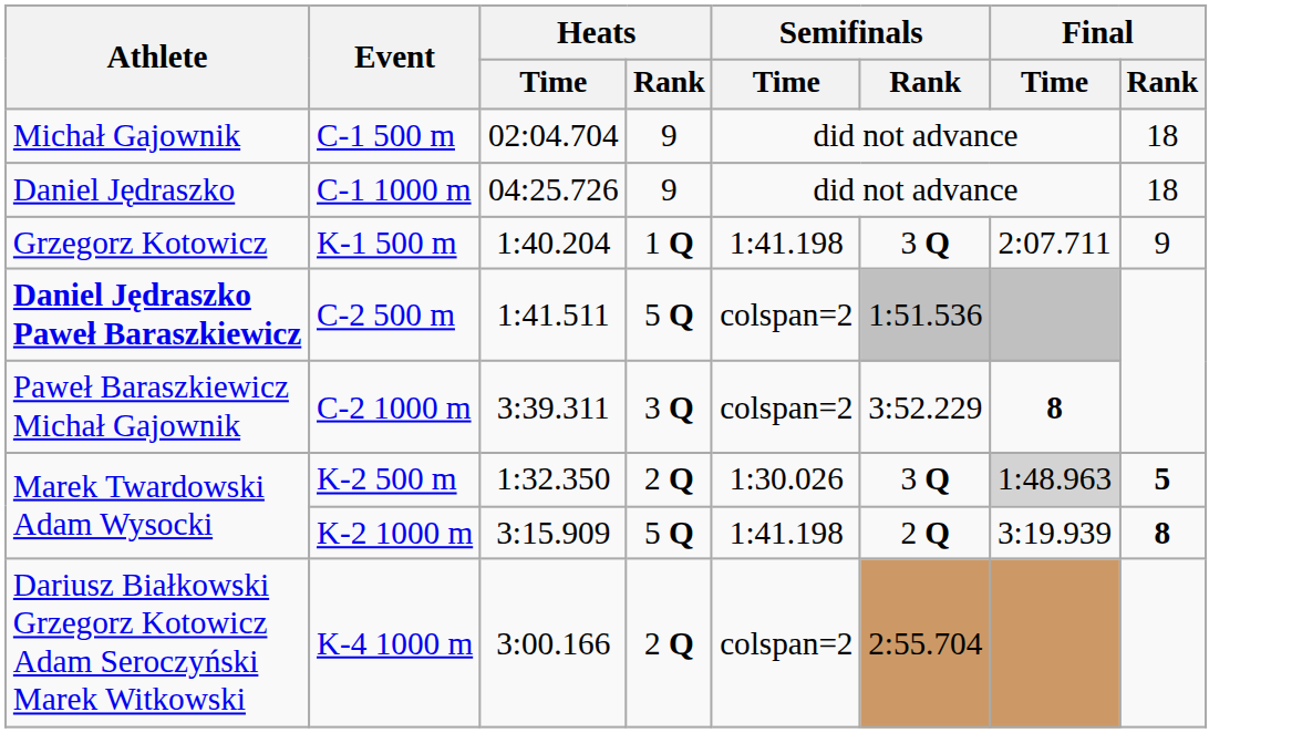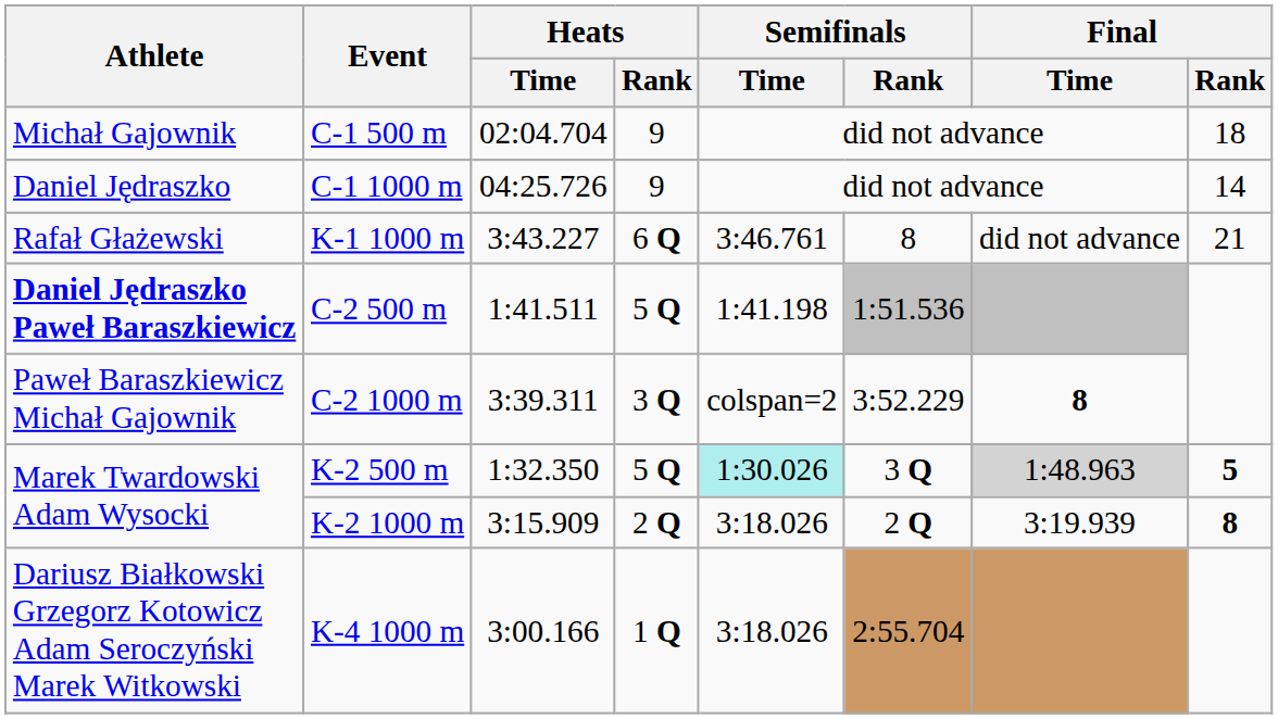 <table class="wikitable" style="font-size:90%">
 <tr>
 <th rowspan=2>Athlete</th>
 <th rowspan=2>Event</th>
 <th colspan=2>Heats</th>
 <th colspan=2>Semifinals</th>
 <th colspan=2>Final</th>
 </tr>
 <tr style="font-size:95%">
 <th>Time</th>
 <th>Rank</th>
 <th>Time</th>
 <th>Rank</th>
 <th>Time</th>
 <th>Rank</th>
 </tr>
 <tr align=center>
 <td align=left><a href='#'>Michał Gajownik</a></td>
 <td align=left><a href='#'>C-1 500 m</a></td>
 <td>02:04.704</td>
 <td>9</td>
 <td colspan=3>did not advance</td>
 <td>18</td>
 </tr>
 <tr align=center>
 <td align=left><a href='#'>Daniel Jędraszko</a></td>
 <td align=left><a href='#'>C-1 1000 m</a></td>
 <td>04:25.726</td>
 <td>9</td>
 <td colspan=3>did not advance</td>
-<td>18</td>
+<td>14</td>
 </tr>
 <tr align=center>
-<td align=left><a href='#'>Grzegorz Kotowicz</a></td>
-<td align=left><a href='#'>K-1 500 m</a></td>
-<td>1:40.204</td>
-<td>1 <strong>Q</strong></td>
-<td>1:41.198</td>
-<td>3 <strong>Q</strong></td>
-<td>2:07.711</td>
-<td>9</td>
+<td align=left><a href='#'>Rafał Głażewski</a></td>
+<td align=left><a href='#'>K-1 1000 m</a></td>
+<td>3:43.227</td>
+<td>6 <strong>Q</strong></td>
+<td>3:46.761</td>
+<td>8</td>
+<td colspan=1>did not advance</td>
+<td>21</td>
 </tr>
 <tr align=center>
 <td align=left><strong><a href='#'>Daniel Jędraszko</a><br> <a href='#'>Paweł Baraszkiewicz</a></strong></td>
 <td align=left><a href='#'>C-2 500 m</a></td>
 <td>1:41.511</td>
 <td>5 <strong>Q</strong></td>
-<td>colspan=2 </td>
+<td>1:41.198</td>
 <td align="center" bgcolor='silver'>1:51.536</td>
 <td align="center" bgcolor='silver'></td>
 </tr>
 <tr align=center>
 <td align=left><a href='#'>Paweł Baraszkiewicz</a><br> <a href='#'>Michał Gajownik</a></td>
 <td align=left><a href='#'>C-2 1000 m</a></td>
 <td>3:39.311</td>
 <td>3 <strong>Q</strong></td>
 <td>colspan=2 </td>
 <td>3:52.229</td>
 <td><strong>8</strong></td>
 </tr>
 <tr align=center>
 <td align=left rowspan=2><a href='#'>Marek Twardowski</a><br><a href='#'>Adam Wysocki</a></td>
 <td align=left><a href='#'>K-2 500 m</a></td>
 <td>1:32.350</td>
-<td>2 <strong>Q</strong></td>
-<td>1:30.026</td>
+<td>5 <strong>Q</strong></td>
+<td style="background: paleturquoise;">1:30.026</td>
 <td>3 <strong>Q</strong></td>
 <td style="background: lightgrey;">1:48.963</td>
 <td><strong>5</strong></td>
 </tr>
 <tr align=center>
 <td align=left><a href='#'>K-2 1000 m</a></td>
 <td>3:15.909</td>
-<td>5 <strong>Q</strong></td>
-<td>1:41.198</td>
+<td>2 <strong>Q</strong></td>
+<td>3:18.026</td>
 <td>2 <strong>Q</strong></td>
 <td>3:19.939</td>
 <td><strong>8</strong></td>
 </tr>
 <tr align=center>
 <td align=left><a href='#'>Dariusz Białkowski</a><br> <a href='#'>Grzegorz Kotowicz</a><br><a href='#'>Adam Seroczyński</a><br><a href='#'>Marek Witkowski</a></td>
 <td align=left><a href='#'>K-4 1000 m</a></td>
 <td>3:00.166</td>
-<td>2 <strong>Q</strong></td>
-<td>colspan=2 </td>
+<td>1 <strong>Q</strong></td>
+<td>3:18.026</td>
 <td align="center" bgcolor='cc9966'>2:55.704</td>
 <td align="center" bgcolor='cc9966'></td>
 </tr>
 </table>
